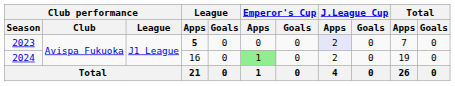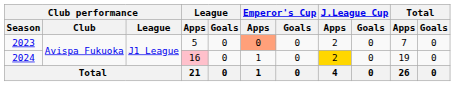 <table class="wikitable" style="text-align:center;">
 <tr>
 <th colspan=3>Club performance</th>
 <th colspan=2>League</th>
 <th colspan=2><a href='#'>Emperor's Cup</a></th>
 <th colspan=2><a href='#'>J.League Cup</a></th>
 <th colspan=2>Total</th>
 </tr>
 <tr>
 <th>Season</th>
 <th>Club</th>
 <th>League</th>
 <th>Apps</th>
 <th>Goals</th>
 <th>Apps</th>
 <th>Goals</th>
 <th>Apps</th>
 <th>Goals</th>
 <th>Apps</th>
 <th>Goals</th>
 </tr>
 <tr>
 <td><a href='#'>2023</a></td>
 <td rowspan="2"><a href='#'>Avispa Fukuoka</a></td>
 <td rowspan="2"><a href='#'>J1 League</a></td>
-<td><strong>5</strong></td>
+<td>5</td>
 <td>0</td>
+<td style="background: lightsalmon;">0</td>
 <td>0</td>
-<td>0</td>
-<td style="background: lavender;">2</td>
+<td>2</td>
 <td>0</td>
 <td>7</td>
 <td>0</td>
 </tr>
 <tr>
 <td><a href='#'>2024</a></td>
-<td>16</td>
+<td style="background: pink;">16</td>
 <td>0</td>
-<td style="background: lightgreen;">1</td>
+<td>1</td>
 <td>0</td>
-<td>2</td>
+<td style="background: gold;">2</td>
 <td>0</td>
 <td>19</td>
 <td>0</td>
 </tr>
 <tr>
 <th colspan="3">Total</th>
 <th>21</th>
 <th>0</th>
 <th>1</th>
 <th>0</th>
 <th>4</th>
 <th>0</th>
 <th>26</th>
 <th>0</th>
 </tr>
 </table>
